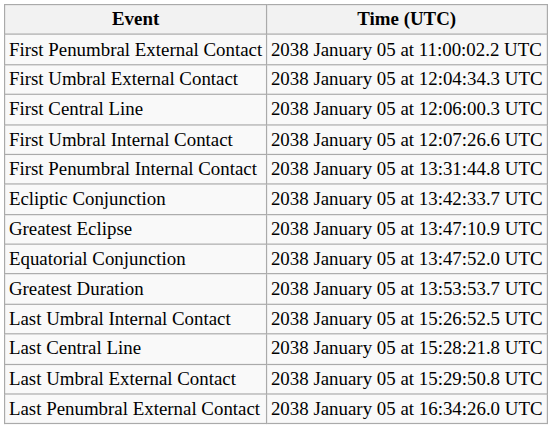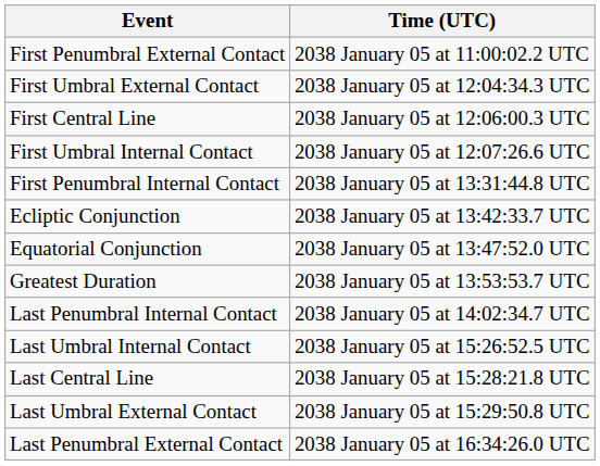 <table class="wikitable">
 <tr>
 <th>Event</th>
 <th>Time (UTC)</th>
 </tr>
 <tr>
 <td>First Penumbral External Contact</td>
 <td>2038 January 05 at 11:00:02.2 UTC</td>
 </tr>
 <tr>
 <td>First Umbral External Contact</td>
 <td>2038 January 05 at 12:04:34.3 UTC</td>
 </tr>
 <tr>
 <td>First Central Line</td>
 <td>2038 January 05 at 12:06:00.3 UTC</td>
 </tr>
 <tr>
 <td>First Umbral Internal Contact</td>
 <td>2038 January 05 at 12:07:26.6 UTC</td>
 </tr>
 <tr>
 <td>First Penumbral Internal Contact</td>
 <td>2038 January 05 at 13:31:44.8 UTC</td>
 </tr>
 <tr>
 <td>Ecliptic Conjunction</td>
 <td>2038 January 05 at 13:42:33.7 UTC</td>
 </tr>
 <tr>
-<td>Greatest Eclipse</td>
-<td>2038 January 05 at 13:47:10.9 UTC</td>
-</tr>
-<tr>
 <td>Equatorial Conjunction</td>
 <td>2038 January 05 at 13:47:52.0 UTC</td>
 </tr>
 <tr>
 <td>Greatest Duration</td>
 <td>2038 January 05 at 13:53:53.7 UTC</td>
+</tr>
+<tr>
+<td>Last Penumbral Internal Contact</td>
+<td>2038 January 05 at 14:02:34.7 UTC</td>
 </tr>
 <tr>
 <td>Last Umbral Internal Contact</td>
 <td>2038 January 05 at 15:26:52.5 UTC</td>
 </tr>
 <tr>
 <td>Last Central Line</td>
 <td>2038 January 05 at 15:28:21.8 UTC</td>
 </tr>
 <tr>
 <td>Last Umbral External Contact</td>
 <td>2038 January 05 at 15:29:50.8 UTC</td>
 </tr>
 <tr>
 <td>Last Penumbral External Contact</td>
 <td>2038 January 05 at 16:34:26.0 UTC</td>
 </tr>
 </table>
